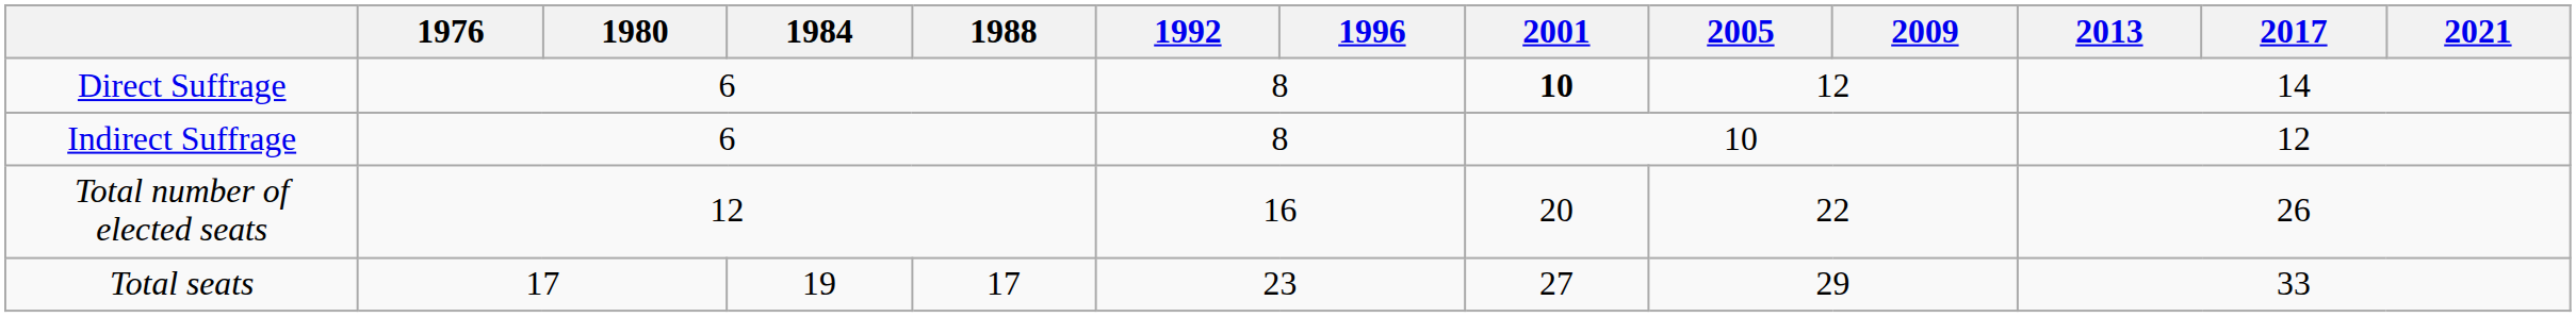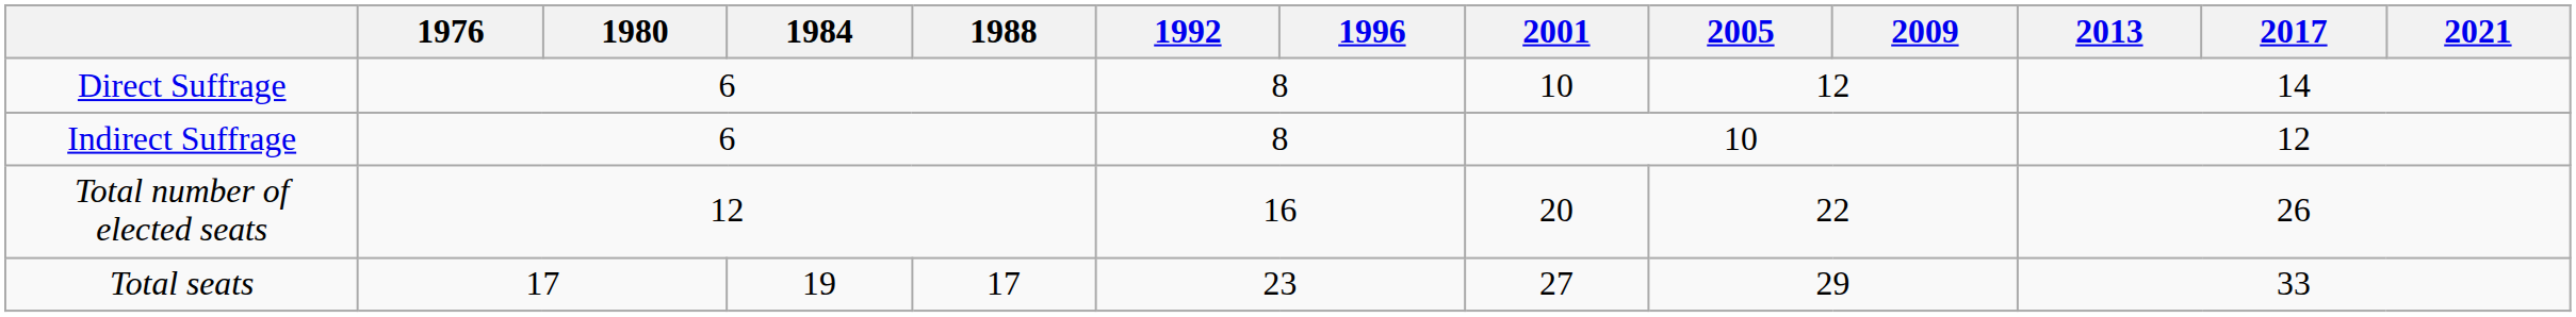 <table class="wikitable" style="text-align: center;">
 <tr>
 <th style=width:10em></th>
 <th style=width:5em>1976</th>
 <th style=width:5em>1980</th>
 <th style=width:5em>1984</th>
 <th style=width:5em>1988</th>
 <th style=width:5em><a href='#'>1992</a></th>
 <th style=width:5em><a href='#'>1996</a></th>
 <th style=width:5em><a href='#'>2001</a></th>
 <th style=width:5em><a href='#'>2005</a></th>
 <th style=width:5em><a href='#'>2009</a></th>
 <th style=width:5em><a href='#'>2013</a></th>
 <th style=width:5em><a href='#'>2017</a></th>
 <th style=width:5em><a href='#'>2021</a></th>
 </tr>
 <tr>
 <td><a href='#'>Direct Suffrage</a></td>
 <td colspan="4">6</td>
 <td colspan="2">8</td>
-<td><strong>10</strong></td>
+<td>10</td>
 <td colspan="2">12</td>
 <td colspan="3">14</td>
 </tr>
 <tr>
 <td><a href='#'>Indirect Suffrage</a></td>
 <td colspan="4">6</td>
 <td colspan="2">8</td>
 <td colspan="3">10</td>
 <td colspan="3">12</td>
 </tr>
 <tr>
 <td><em>Total number of<br> elected seats</em></td>
 <td colspan="4">12</td>
 <td colspan="2">16</td>
 <td>20</td>
 <td colspan="2">22</td>
 <td colspan="3">26</td>
 </tr>
 <tr>
 <td><em>Total seats</em></td>
 <td colspan="2">17</td>
 <td>19</td>
 <td>17</td>
 <td colspan="2">23</td>
 <td>27</td>
 <td colspan="2">29</td>
 <td colspan="3">33</td>
 </tr>
 </table>
